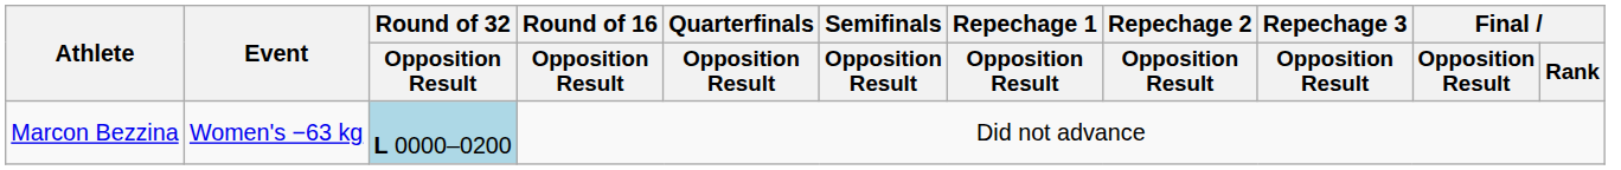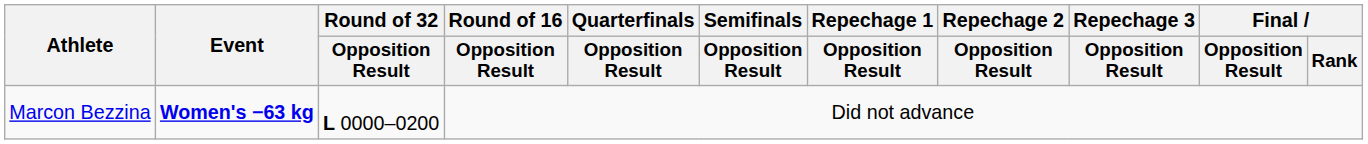 <table class="wikitable" style="font-size:90%">
 <tr>
 <th rowspan="2">Athlete</th>
 <th rowspan="2">Event</th>
 <th scope="col">Round of 32</th>
 <th scope="col">Round of 16</th>
 <th scope="col">Quarterfinals</th>
 <th scope="col">Semifinals</th>
 <th scope="col">Repechage 1</th>
 <th scope="col">Repechage 2</th>
 <th scope="col">Repechage 3</th>
 <th colspan=2>Final / </th>
 </tr>
 <tr style="font-size:95%">
 <th>Opposition<br>Result</th>
 <th>Opposition<br>Result</th>
 <th>Opposition<br>Result</th>
 <th>Opposition<br>Result</th>
 <th>Opposition<br>Result</th>
 <th>Opposition<br>Result</th>
 <th>Opposition<br>Result</th>
 <th>Opposition<br>Result</th>
 <th>Rank</th>
 </tr>
 <tr align=center>
 <td align=left><a href='#'>Marcon Bezzina</a></td>
-<td align=left><a href='#'>Women's −63 kg</a></td>
-<td style="background: lightblue;"><br><strong>L</strong> 0000–0200</td>
+<td align=left><strong><a href='#'>Women's −63 kg</a></strong></td>
+<td><br><strong>L</strong> 0000–0200</td>
 <td colspan=8>Did not advance</td>
 </tr>
 </table>
